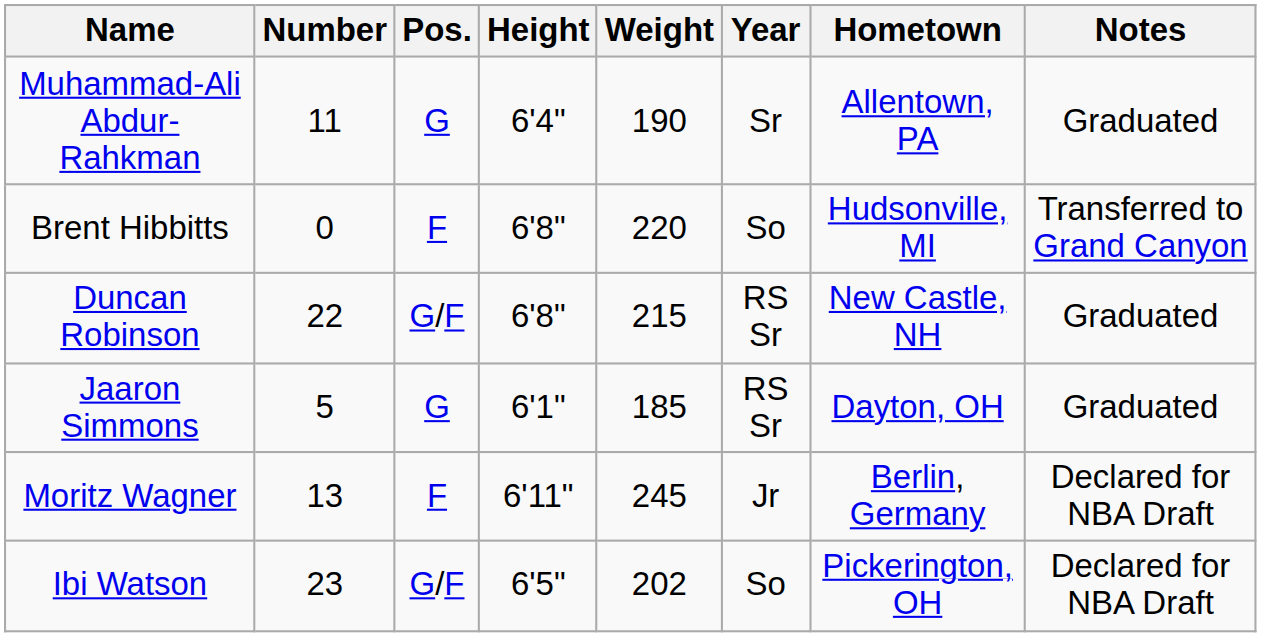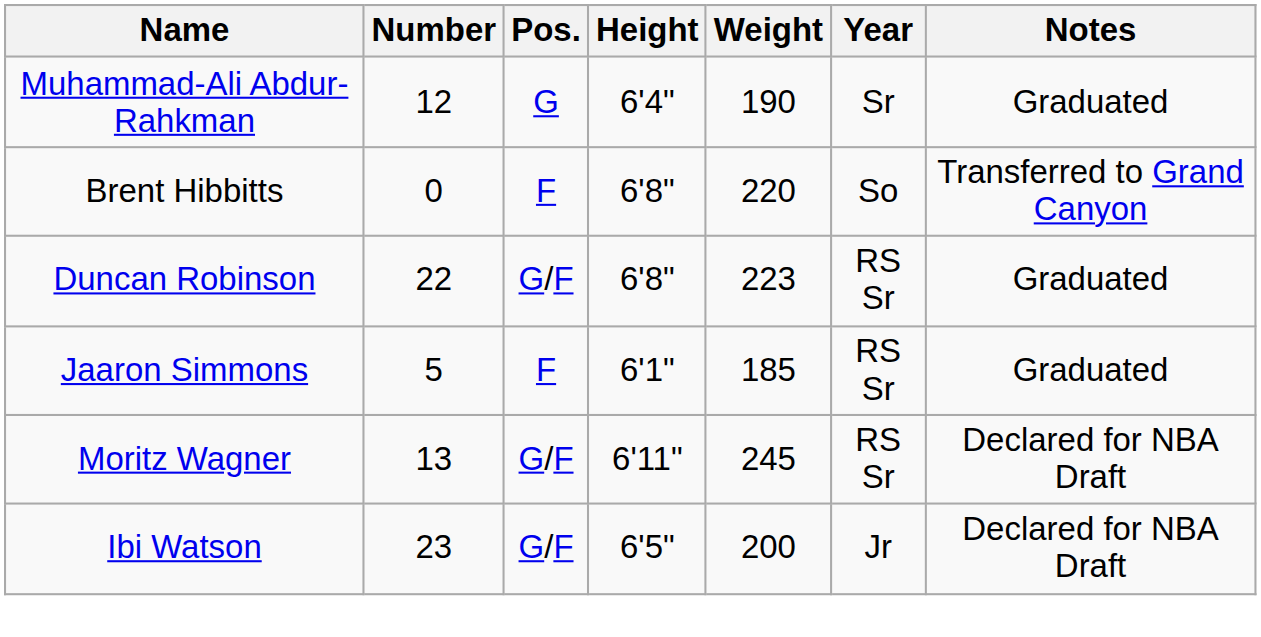 <table class="wikitable sortable sortable" style="text-align: center">
 <tr align=center>
 <th>Name</th>
 <th>Number</th>
 <th>Pos.</th>
 <th>Height</th>
 <th>Weight</th>
 <th>Year</th>
-<th>Hometown</th>
 <th>Notes</th>
 </tr>
 <tr>
 <td sortname><a href='#'>Muhammad-Ali Abdur-Rahkman</a></td>
-<td>11</td>
+<td>12</td>
 <td><a href='#'>G</a></td>
 <td>6'4"</td>
 <td>190</td>
 <td>Sr</td>
-<td><a href='#'>Allentown, PA</a></td>
 <td>Graduated</td>
 </tr>
 <tr>
 <td sortname>Brent Hibbitts</td>
 <td>0</td>
 <td><a href='#'>F</a></td>
 <td>6'8"</td>
 <td>220</td>
 <td>So</td>
-<td><a href='#'>Hudsonville, MI</a></td>
 <td>Transferred to <a href='#'>Grand Canyon</a></td>
 </tr>
 <tr>
 <td sortname><a href='#'>Duncan Robinson</a></td>
 <td>22</td>
 <td><a href='#'>G</a>/<a href='#'>F</a></td>
 <td>6'8"</td>
-<td>215</td>
+<td>223</td>
 <td>RS Sr</td>
-<td><a href='#'>New Castle, NH</a></td>
 <td>Graduated</td>
 </tr>
 <tr>
 <td sortname><a href='#'>Jaaron Simmons</a></td>
 <td>5</td>
-<td><a href='#'>G</a></td>
+<td><a href='#'>F</a></td>
 <td>6'1"</td>
 <td>185</td>
 <td>RS Sr</td>
-<td><a href='#'>Dayton, OH</a></td>
 <td>Graduated</td>
 </tr>
 <tr>
 <td sortname><a href='#'>Moritz Wagner</a></td>
 <td>13</td>
-<td><a href='#'>F</a></td>
+<td><a href='#'>G</a>/<a href='#'>F</a></td>
 <td>6'11"</td>
 <td>245</td>
-<td>Jr</td>
-<td><a href='#'>Berlin</a>, <a href='#'>Germany</a></td>
+<td>RS Sr</td>
 <td>Declared for NBA Draft</td>
 </tr>
 <tr>
 <td sortname><a href='#'>Ibi Watson</a></td>
 <td>23</td>
 <td><a href='#'>G</a>/<a href='#'>F</a></td>
 <td>6'5"</td>
-<td>202</td>
-<td>So</td>
-<td><a href='#'>Pickerington, OH</a></td>
+<td>200</td>
+<td>Jr</td>
 <td>Declared for NBA Draft</td>
 </tr>
 </table>
